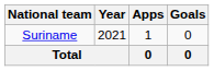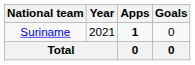 <table class=wikitable style=text-align:center>
 <tr>
 <th>National team</th>
 <th>Year</th>
 <th>Apps</th>
 <th>Goals</th>
 </tr>
 <tr>
 <td rowspan=1><a href='#'>Suriname</a></td>
 <td>2021</td>
-<td>1</td>
+<td><strong>1</strong></td>
 <td>0</td>
 </tr>
 <tr>
 <th colspan=2>Total</th>
 <th>0</th>
 <th>0</th>
 </tr>
 </table>
